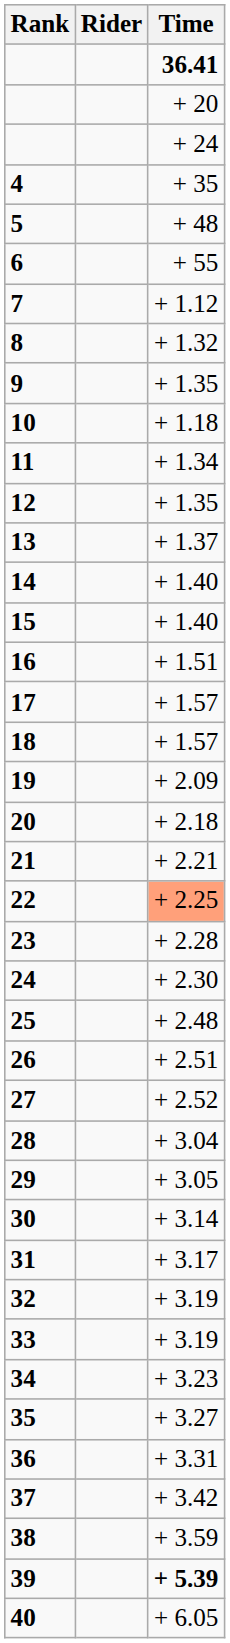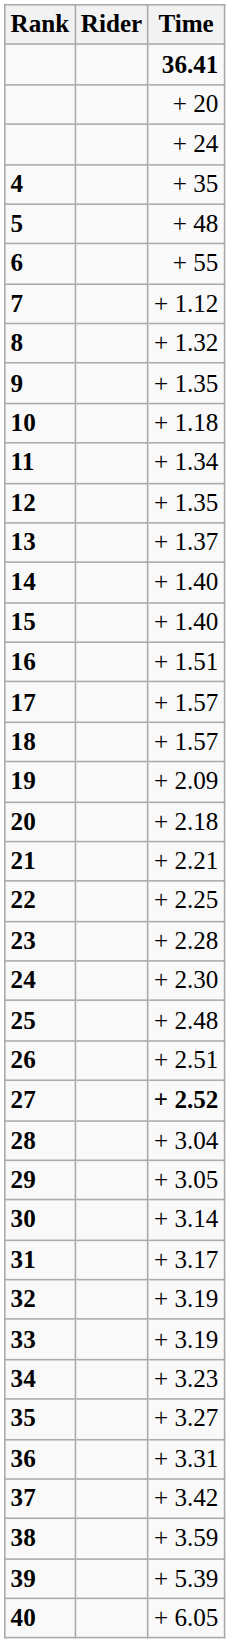 <table class=wikitable>
 <tr>
 <th>Rank</th>
 <th>Rider</th>
 <th>Time</th>
 </tr>
 <tr>
 <td></td>
 <td align="left"></td>
 <td align="right"><strong>36.41</strong></td>
 </tr>
 <tr>
 <td></td>
 <td align="left"></td>
 <td align="right">+ 20</td>
 </tr>
 <tr>
 <td></td>
 <td align="left"></td>
 <td align="right">+ 24</td>
 </tr>
 <tr>
 <td><strong>4</strong></td>
 <td align="left"></td>
 <td align="right">+ 35</td>
 </tr>
 <tr>
 <td><strong>5</strong></td>
 <td align="left"></td>
 <td align="right">+ 48</td>
 </tr>
 <tr>
 <td><strong>6</strong></td>
 <td align="left"></td>
 <td align="right">+ 55</td>
 </tr>
 <tr>
 <td><strong>7</strong></td>
 <td align="left"></td>
 <td align="right">+ 1.12</td>
 </tr>
 <tr>
 <td><strong>8</strong></td>
 <td align="left"></td>
 <td align="right">+ 1.32</td>
 </tr>
 <tr>
 <td><strong>9</strong></td>
 <td align="left"></td>
 <td align="right">+ 1.35</td>
 </tr>
 <tr>
 <td><strong>10</strong></td>
 <td align="left"></td>
 <td align="right">+ 1.18</td>
 </tr>
 <tr>
 <td><strong>11</strong></td>
 <td align=left></td>
 <td align="right">+ 1.34</td>
 </tr>
 <tr>
 <td><strong>12</strong></td>
 <td align=left></td>
 <td align="right">+ 1.35</td>
 </tr>
 <tr>
 <td><strong>13</strong></td>
 <td align=left></td>
 <td align="right">+ 1.37</td>
 </tr>
 <tr>
 <td><strong>14</strong></td>
 <td align=left></td>
 <td align="right">+ 1.40</td>
 </tr>
 <tr>
 <td><strong>15</strong></td>
 <td align=left></td>
 <td align="right">+ 1.40</td>
 </tr>
 <tr>
 <td><strong>16</strong></td>
 <td align=left></td>
 <td align="right">+ 1.51</td>
 </tr>
 <tr>
 <td><strong>17</strong></td>
 <td align=left></td>
 <td align="right">+ 1.57</td>
 </tr>
 <tr>
 <td><strong>18</strong></td>
 <td align=left></td>
 <td align="right">+ 1.57</td>
 </tr>
 <tr>
 <td><strong>19</strong></td>
 <td align=left></td>
 <td align="right">+ 2.09</td>
 </tr>
 <tr>
 <td><strong>20</strong></td>
 <td align=left></td>
 <td align="right">+ 2.18</td>
 </tr>
 <tr>
 <td><strong>21</strong></td>
 <td align=left></td>
 <td align="right">+ 2.21</td>
 </tr>
 <tr>
 <td><strong>22</strong></td>
 <td align=left></td>
-<td align="right" style="background: lightsalmon;">+ 2.25</td>
+<td align="right">+ 2.25</td>
 </tr>
 <tr>
 <td><strong>23</strong></td>
 <td align=left></td>
 <td align="right">+ 2.28</td>
 </tr>
 <tr>
 <td><strong>24</strong></td>
 <td align=left></td>
 <td align="right">+ 2.30</td>
 </tr>
 <tr>
 <td><strong>25</strong></td>
 <td align=left></td>
 <td align="right">+ 2.48</td>
 </tr>
 <tr>
 <td><strong>26</strong></td>
 <td align=left></td>
 <td align="right">+ 2.51</td>
 </tr>
 <tr>
 <td><strong>27</strong></td>
 <td align=left></td>
-<td align="right">+ 2.52</td>
+<td align="right"><strong>+ 2.52</strong></td>
 </tr>
 <tr>
 <td><strong>28</strong></td>
 <td align=left></td>
 <td align="right">+ 3.04</td>
 </tr>
 <tr>
 <td><strong>29</strong></td>
 <td align=left></td>
 <td align="right">+ 3.05</td>
 </tr>
 <tr>
 <td><strong>30</strong></td>
 <td align=left></td>
 <td align="right">+ 3.14</td>
 </tr>
 <tr>
 <td><strong>31</strong></td>
 <td align=left></td>
 <td align="right">+ 3.17</td>
 </tr>
 <tr>
 <td><strong>32</strong></td>
 <td align=left></td>
 <td align="right">+ 3.19</td>
 </tr>
 <tr>
 <td><strong>33</strong></td>
 <td align=left></td>
 <td align="right">+ 3.19</td>
 </tr>
 <tr>
 <td><strong>34</strong></td>
 <td align=left></td>
 <td align="right">+ 3.23</td>
 </tr>
 <tr>
 <td><strong>35</strong></td>
 <td align=left></td>
 <td align="right">+ 3.27</td>
 </tr>
 <tr>
 <td><strong>36</strong></td>
 <td align=left></td>
 <td align="right">+ 3.31</td>
 </tr>
 <tr>
 <td><strong>37</strong></td>
 <td align=left></td>
 <td align="right">+ 3.42</td>
 </tr>
 <tr>
 <td><strong>38</strong></td>
 <td align=left></td>
 <td align="right">+ 3.59</td>
 </tr>
 <tr>
 <td><strong>39</strong></td>
 <td align=left></td>
-<td align="right"><strong>+ 5.39</strong></td>
+<td align="right">+ 5.39</td>
 </tr>
 <tr>
 <td><strong>40</strong></td>
 <td align=left></td>
 <td align="right">+ 6.05</td>
 </tr>
 </table>
